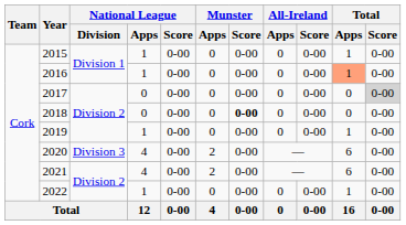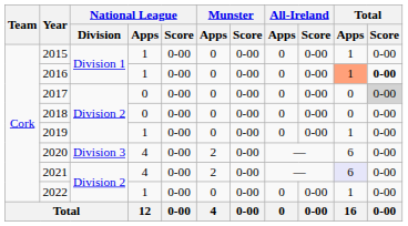 <table class="wikitable" style="text-align:center">
 <tr>
 <th rowspan="2">Team</th>
 <th rowspan="2">Year</th>
 <th colspan="3"><a href='#'>National League</a></th>
 <th colspan="2"><a href='#'>Munster</a></th>
 <th colspan="2"><a href='#'>All-Ireland</a></th>
 <th colspan="2">Total</th>
 </tr>
 <tr>
 <th>Division</th>
 <th>Apps</th>
 <th>Score</th>
 <th>Apps</th>
 <th>Score</th>
 <th>Apps</th>
 <th>Score</th>
 <th>Apps</th>
 <th>Score</th>
 </tr>
 <tr>
 <td rowspan="8"><a href='#'>Cork</a></td>
 <td>2015</td>
 <td rowspan="2"><a href='#'>Division 1</a></td>
 <td>1</td>
 <td>0-00</td>
 <td>0</td>
 <td>0-00</td>
 <td>0</td>
 <td>0-00</td>
 <td>1</td>
 <td>0-00</td>
 </tr>
 <tr>
 <td>2016</td>
 <td>1</td>
 <td>0-00</td>
 <td>0</td>
 <td>0-00</td>
 <td>0</td>
 <td>0-00</td>
 <td style="background: lightsalmon;">1</td>
-<td>0-00</td>
+<td><strong>0-00</strong></td>
 </tr>
 <tr>
 <td>2017</td>
 <td rowspan="3"><a href='#'>Division 2</a></td>
 <td>0</td>
 <td>0-00</td>
 <td>0</td>
 <td>0-00</td>
 <td>0</td>
 <td>0-00</td>
 <td>0</td>
 <td style="background: lightgrey;">0-00</td>
 </tr>
 <tr>
 <td>2018</td>
 <td>0</td>
 <td>0-00</td>
 <td>0</td>
-<td><strong>0-00</strong></td>
+<td>0-00</td>
 <td>0</td>
 <td>0-00</td>
 <td>0</td>
 <td>0-00</td>
 </tr>
 <tr>
 <td>2019</td>
 <td>1</td>
 <td>0-00</td>
 <td>0</td>
 <td>0-00</td>
 <td>0</td>
 <td>0-00</td>
 <td>1</td>
 <td>0-00</td>
 </tr>
 <tr>
 <td>2020</td>
 <td rowspan="1"><a href='#'>Division 3</a></td>
 <td>4</td>
 <td>0-00</td>
 <td>2</td>
 <td>0-00</td>
 <td colspan=2>—</td>
 <td>6</td>
 <td>0-00</td>
 </tr>
 <tr>
 <td>2021</td>
 <td rowspan="2"><a href='#'>Division 2</a></td>
 <td>4</td>
 <td>0-00</td>
 <td>2</td>
 <td>0-00</td>
 <td colspan=2>—</td>
-<td>6</td>
+<td style="background: lavender;">6</td>
 <td>0-00</td>
 </tr>
 <tr>
 <td>2022</td>
 <td>1</td>
 <td>0-00</td>
 <td>0</td>
 <td>0-00</td>
 <td>0</td>
 <td>0-00</td>
 <td>1</td>
 <td>0-00</td>
 </tr>
 <tr>
 <th colspan="3">Total</th>
 <th>12</th>
 <th>0-00</th>
 <th>4</th>
 <th>0-00</th>
 <th>0</th>
 <th>0-00</th>
 <th>16</th>
 <th>0-00</th>
 </tr>
 </table>
